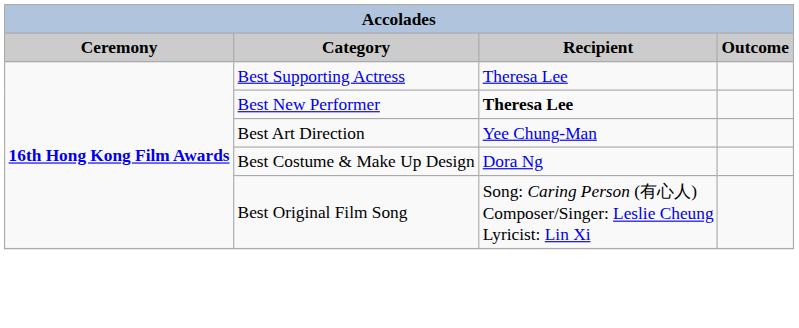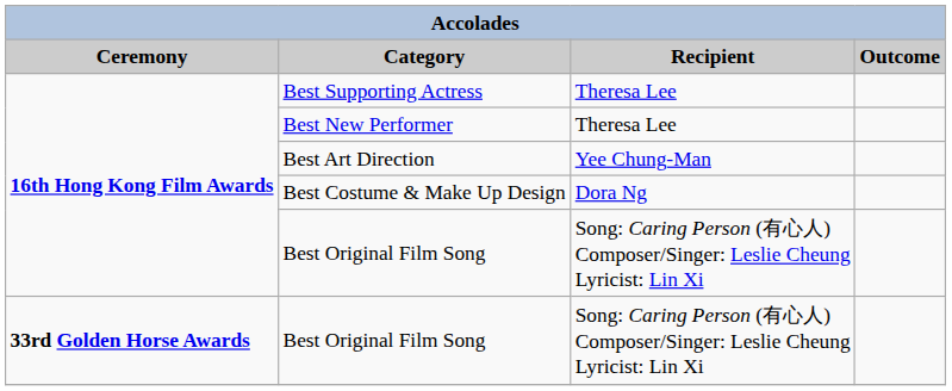 <table class="wikitable" style="font-size:95%;" ;>
 <tr style="background:#ccc; text-align:center;">
 <th colspan="4" style="background: LightSteelBlue;">Accolades</th>
 </tr>
 <tr style="background:#ccc; text-align:center;">
 <th style="background:#ccc">Ceremony</th>
 <th style="background:#ccc">Category</th>
 <th style="background:#ccc">Recipient</th>
 <th style="background:#ccc">Outcome</th>
 </tr>
 <tr>
 <td rowspan=5><strong><a href='#'>16th Hong Kong Film Awards</a></strong></td>
 <td><a href='#'>Best Supporting Actress</a></td>
 <td><a href='#'>Theresa Lee</a></td>
 <td></td>
 </tr>
 <tr>
 <td><a href='#'>Best New Performer</a></td>
-<td><strong>Theresa Lee</strong></td>
+<td>Theresa Lee</td>
 <td></td>
 </tr>
 <tr>
 <td>Best Art Direction</td>
 <td><a href='#'>Yee Chung-Man</a></td>
 <td></td>
 </tr>
 <tr>
 <td>Best Costume & Make Up Design</td>
 <td><a href='#'>Dora Ng</a></td>
 <td></td>
 </tr>
 <tr>
 <td>Best Original Film Song</td>
 <td>Song: <em>Caring Person</em> (有心人)<br>Composer/Singer: <a href='#'>Leslie Cheung</a> <br>Lyricist: <a href='#'>Lin Xi</a></td>
 <td></td>
 </tr>
 <tr>
+<td><strong>33rd <a href='#'>Golden Horse Awards</a></strong></td>
+<td>Best Original Film Song</td>
+<td>Song: <em>Caring Person</em> (有心人)<br>Composer/Singer: Leslie Cheung <br>Lyricist: Lin Xi</td>
+<td></td>
+</tr>
+<tr>
 </tr>
 </table>
